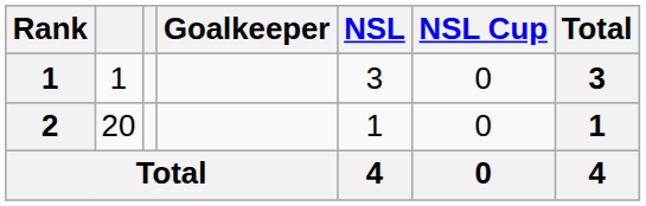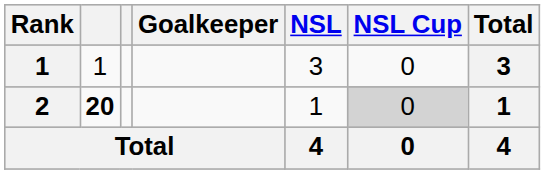 <table class="wikitable sortable" style="text-align:center">
 <tr>
 <th>Rank</th>
 <th></th>
 <th></th>
 <th>Goalkeeper</th>
 <th><a href='#'>NSL</a></th>
 <th><a href='#'>NSL Cup</a></th>
 <th>Total</th>
 </tr>
 <tr>
 <th>1</th>
 <td>1</td>
 <td></td>
 <td align="left"></td>
 <td>3</td>
 <td>0</td>
 <th>3</th>
 </tr>
 <tr>
 <th>2</th>
-<td>20</td>
+<td><strong>20</strong></td>
 <td></td>
 <td align="left"></td>
 <td>1</td>
-<td>0</td>
+<td style="background: lightgrey;">0</td>
 <th>1</th>
 </tr>
 <tr>
 <th colspan="4">Total</th>
 <th>4</th>
 <th>0</th>
 <th>4</th>
 </tr>
 </table>
